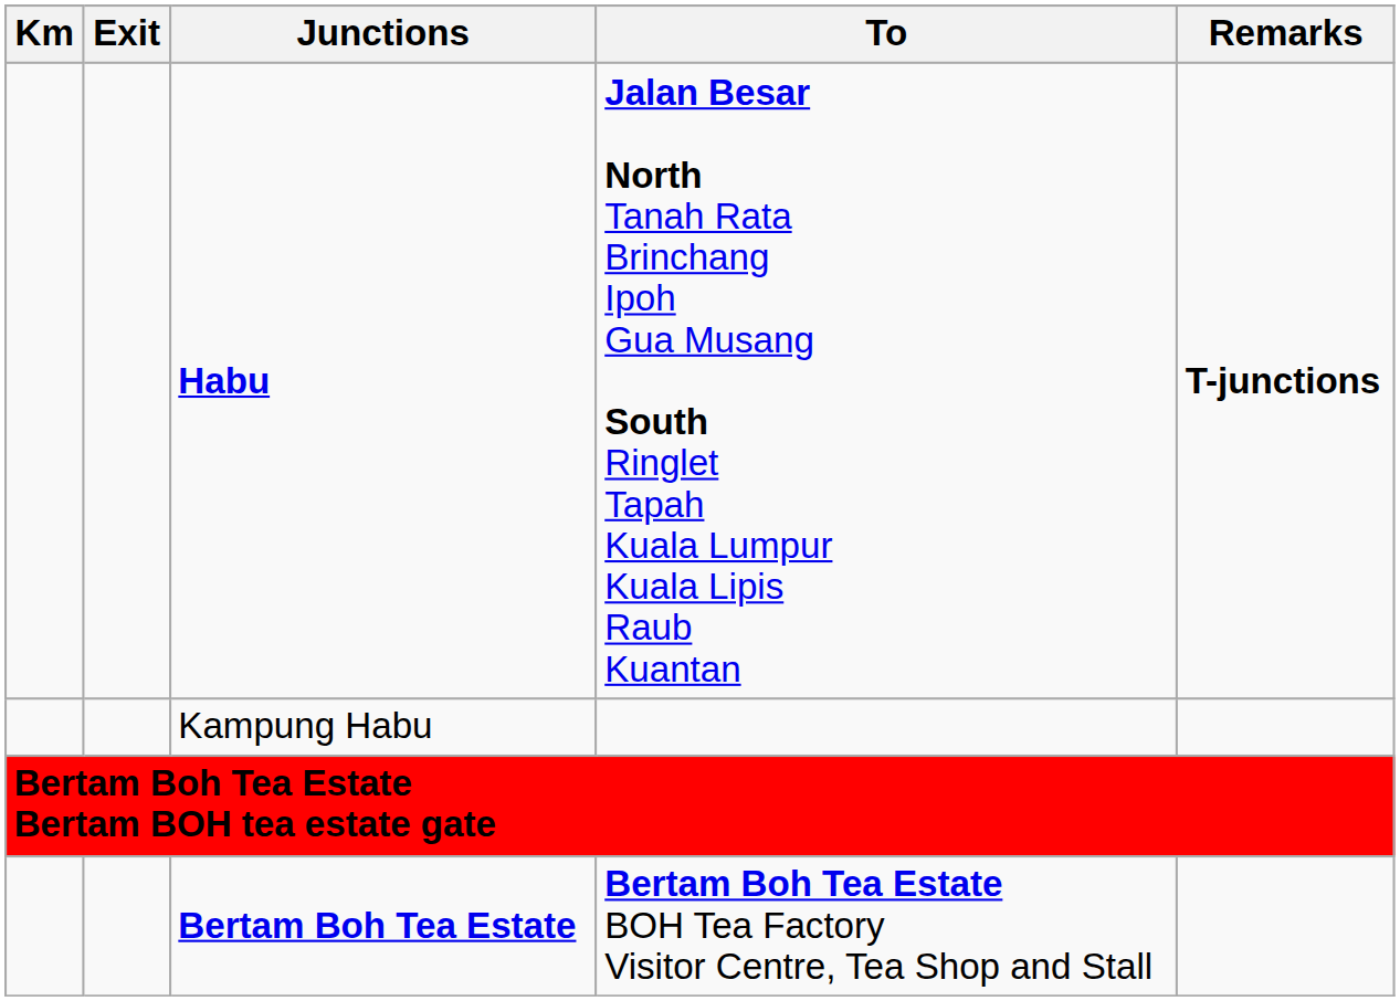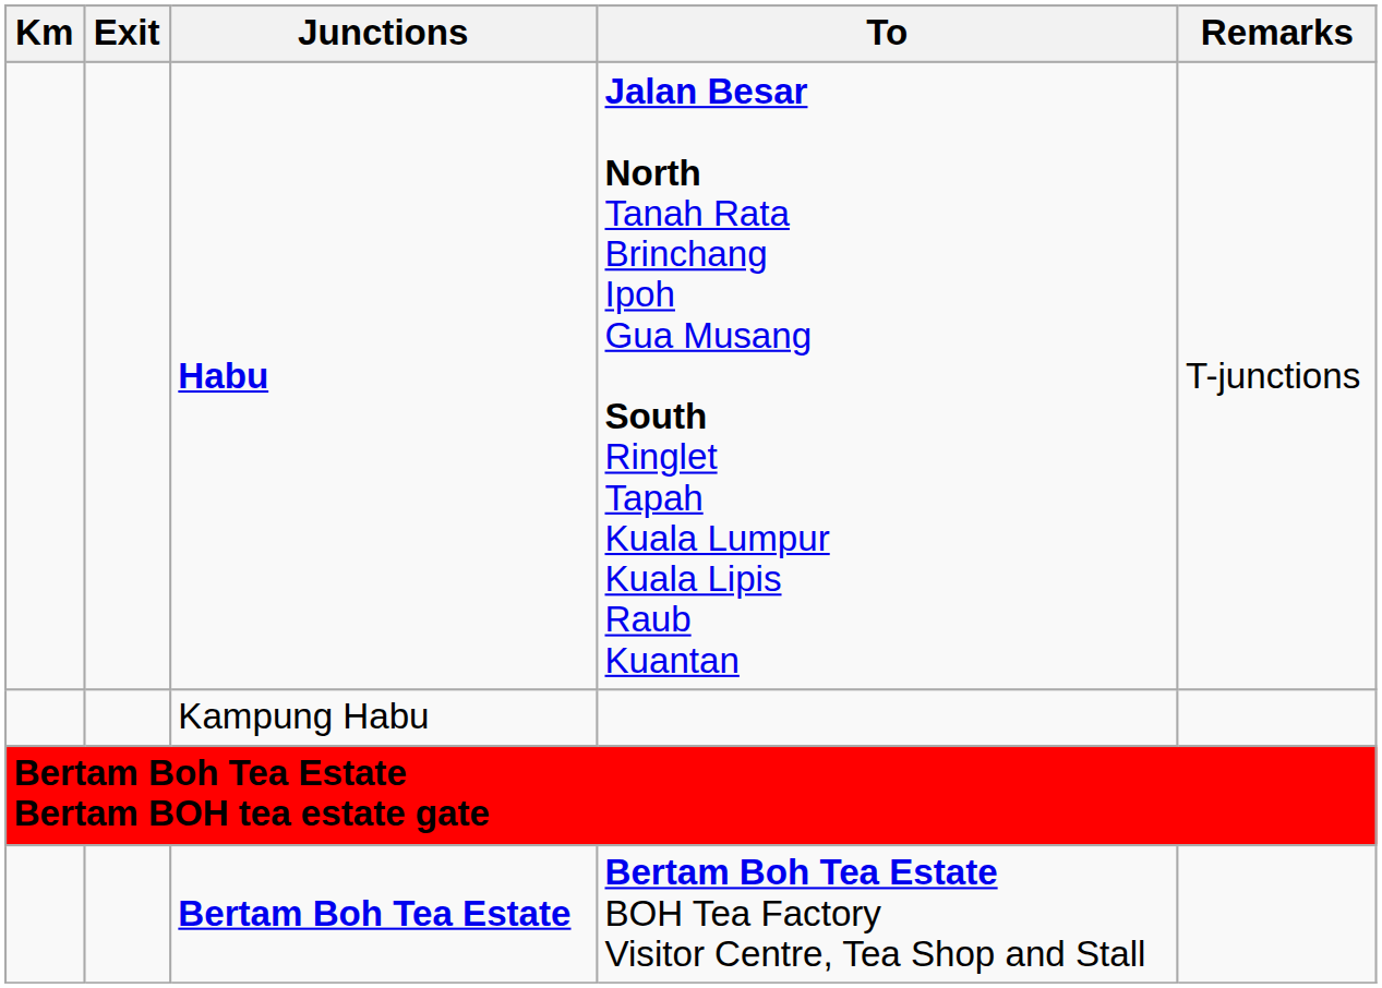 <table class="wikitable">
 <tr>
 <th>Km</th>
 <th>Exit</th>
 <th>Junctions</th>
 <th>To</th>
 <th>Remarks</th>
 </tr>
 <tr>
 <td></td>
 <td></td>
 <td><strong><a href='#'>Habu</a></strong></td>
 <td> <strong><a href='#'>Jalan Besar</a></strong><br><br><strong>North</strong><br> <a href='#'>Tanah Rata</a><br> <a href='#'>Brinchang</a><br> <a href='#'>Ipoh</a><br> <a href='#'>Gua Musang</a><br><br><strong>South</strong><br> <a href='#'>Ringlet</a><br> <a href='#'>Tapah</a><br>  <a href='#'>Kuala Lumpur</a><br> <a href='#'>Kuala Lipis</a><br> <a href='#'>Raub</a><br>  <a href='#'>Kuantan</a></td>
-<td><strong>T-junctions</strong></td>
+<td>T-junctions</td>
 </tr>
 <tr>
 <td></td>
 <td></td>
 <td>Kampung Habu</td>
 <td></td>
 <td></td>
 </tr>
 <tr>
 <td style="width:600px" colspan="6" style="text-align:center" bgcolor="RED"><strong><span>Bertam Boh Tea Estate<br>Bertam BOH tea estate gate</span></strong></td>
 </tr>
 <tr>
 <td></td>
 <td></td>
 <td><strong><a href='#'>Bertam Boh Tea Estate</a></strong></td>
 <td><strong><a href='#'>Bertam Boh Tea Estate</a></strong><br>BOH Tea Factory<br>Visitor Centre, Tea Shop and Stall<br>    </td>
 <td></td>
 </tr>
 </table>
